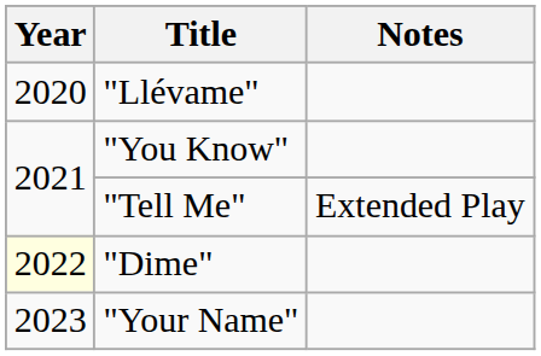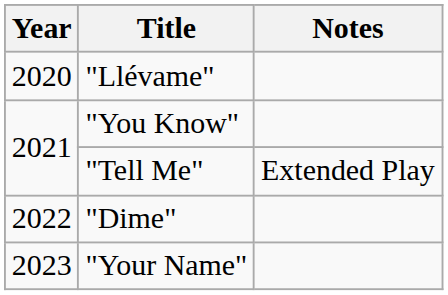 <table class="wikitable">
 <tr>
 <th>Year</th>
 <th>Title</th>
 <th>Notes</th>
 </tr>
 <tr>
 <td>2020</td>
 <td>"Llévame"</td>
 <td></td>
 </tr>
 <tr>
 <td rowspan="2">2021</td>
 <td>"You Know"</td>
 <td></td>
 </tr>
 <tr>
 <td>"Tell Me"</td>
 <td>Extended Play</td>
 </tr>
 <tr>
-<td style="background: lightyellow;">2022</td>
+<td>2022</td>
 <td>"Dime"</td>
 <td></td>
 </tr>
 <tr>
 <td>2023</td>
 <td>"Your Name"</td>
 <td></td>
 </tr>
 </table>
